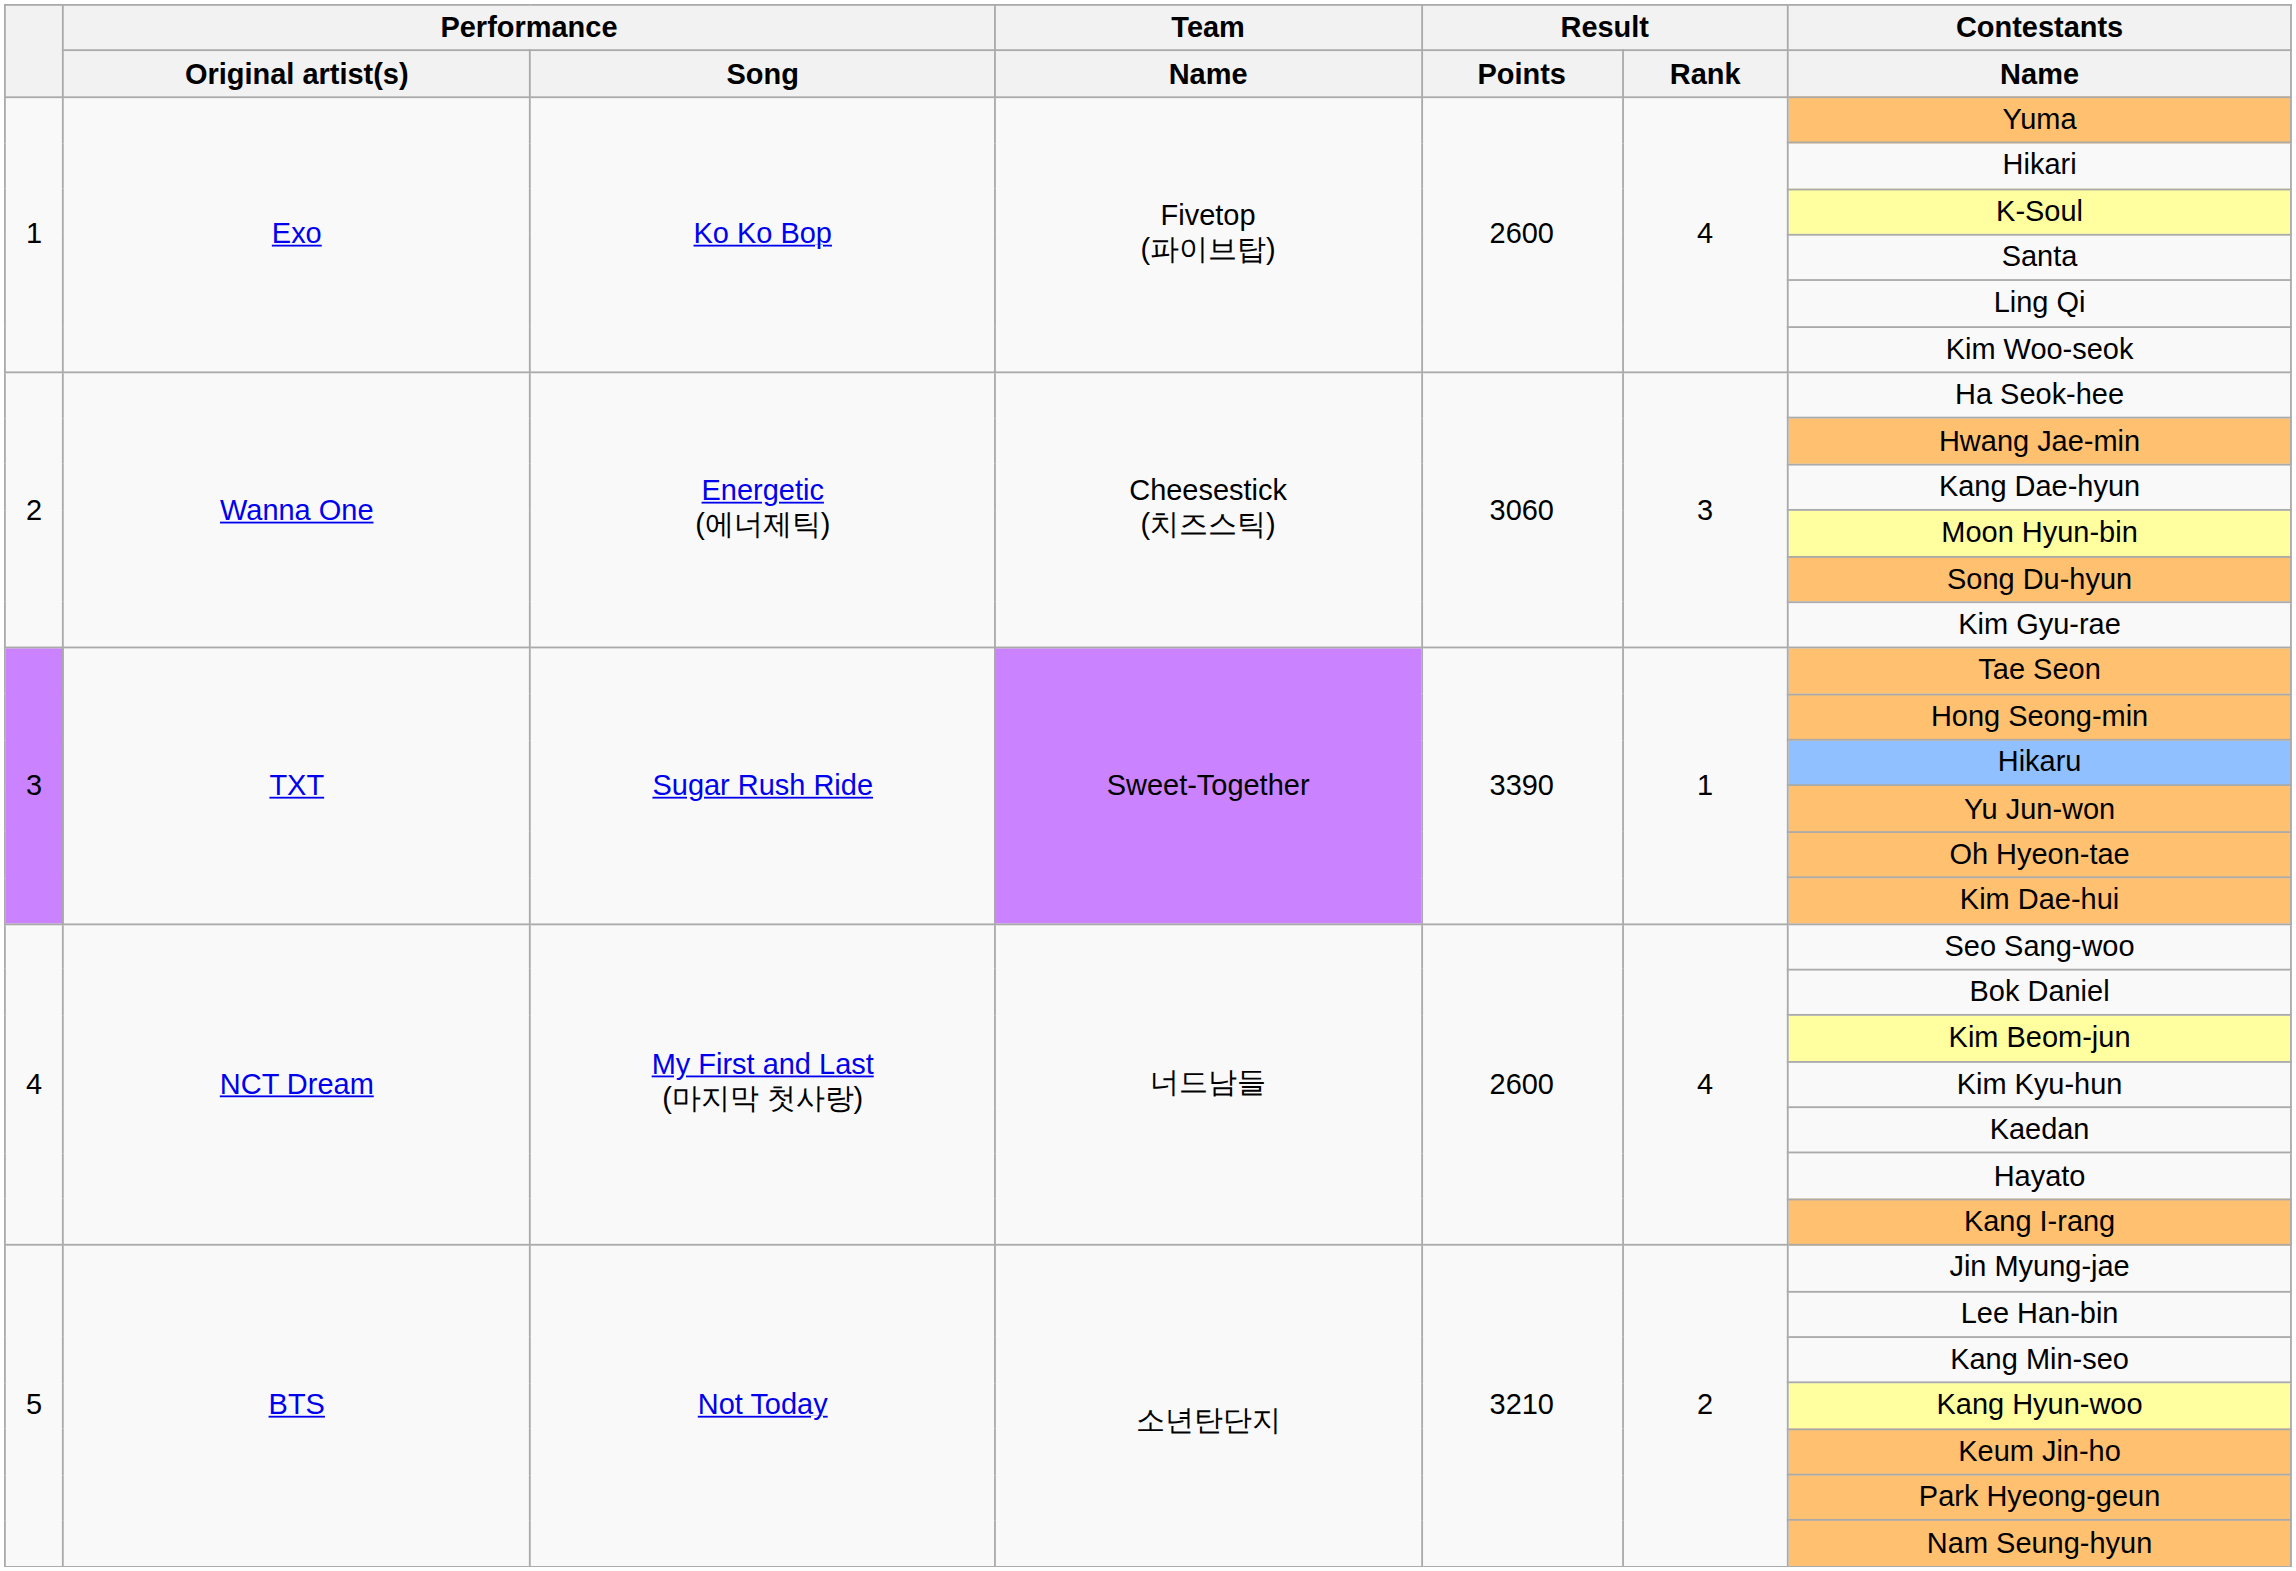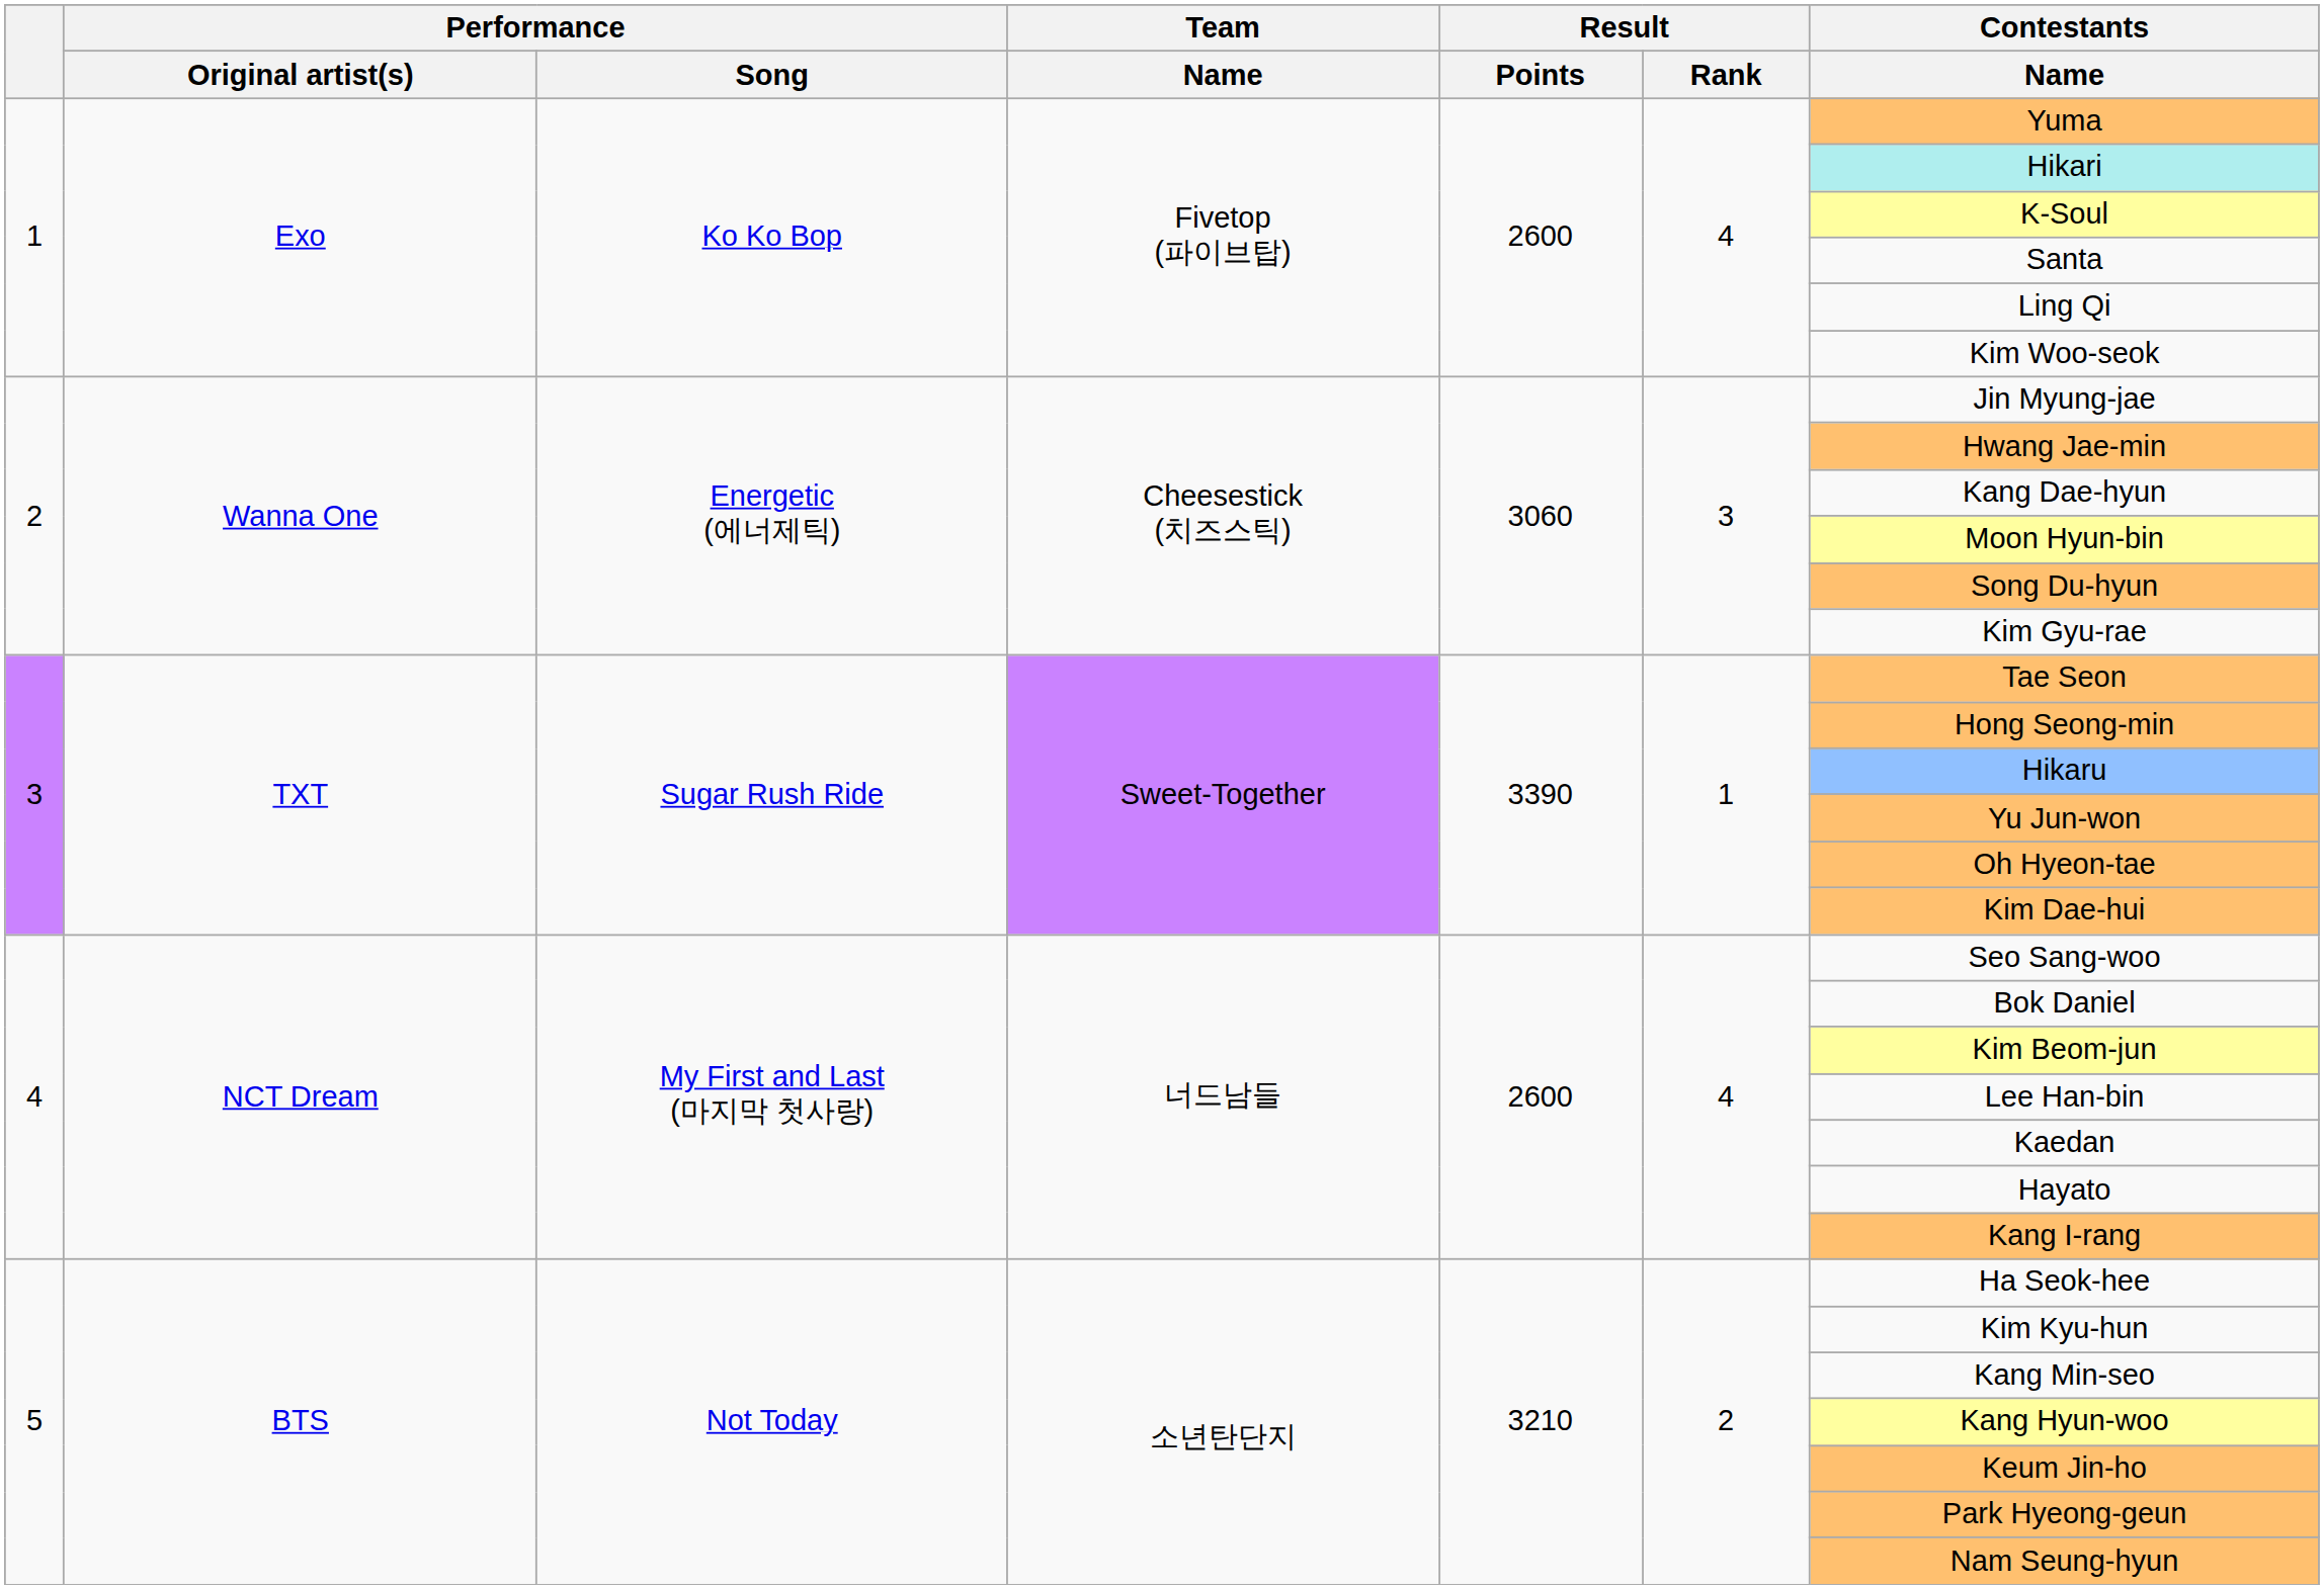 <table class="wikitable collapsible" style="width: 100%; text-align:center">
 <tr>
 <th rowspan="2"></th>
 <th colspan="2">Performance</th>
 <th>Team</th>
 <th colspan="2">Result</th>
 <th>Contestants</th>
 </tr>
 <tr>
 <th>Original artist(s)</th>
 <th>Song</th>
 <th>Name</th>
 <th>Points</th>
 <th>Rank</th>
 <th>Name</th>
 </tr>
 <tr>
 <td rowspan="6">1</td>
 <td rowspan="6"><a href='#'>Exo</a></td>
 <td rowspan="6"><a href='#'>Ko Ko Bop</a></td>
 <td rowspan="6">Fivetop<br>(파이브탑)</td>
 <td rowspan="6">2600</td>
 <td rowspan="6">4</td>
 <td style="background:#FFC06F">Yuma</td>
 </tr>
 <tr>
-<td>Hikari</td>
+<td style="background: paleturquoise;">Hikari</td>
 </tr>
 <tr>
 <td style="background:#FFFF9F">K-Soul</td>
 </tr>
 <tr>
 <td>Santa</td>
 </tr>
 <tr>
 <td>Ling Qi</td>
 </tr>
 <tr>
 <td>Kim Woo-seok</td>
 </tr>
 <tr>
 <td rowspan="6">2</td>
 <td rowspan="6"><a href='#'>Wanna One</a></td>
 <td rowspan="6"><a href='#'>Energetic</a><br>(에너제틱)</td>
 <td rowspan="6">Cheesestick<br>(치즈스틱)</td>
 <td rowspan="6">3060</td>
 <td rowspan="6">3</td>
-<td>Ha Seok-hee</td>
+<td>Jin Myung-jae</td>
 </tr>
 <tr>
 <td style="background:#FFC06F">Hwang Jae-min</td>
 </tr>
 <tr>
 <td>Kang Dae-hyun</td>
 </tr>
 <tr>
 <td style="background:#FFFF9F">Moon Hyun-bin</td>
 </tr>
 <tr>
 <td style="background:#FFC06F">Song Du-hyun</td>
 </tr>
 <tr>
 <td>Kim Gyu-rae</td>
 </tr>
 <tr>
 <td rowspan="6" style="background:#CA82FF">3</td>
 <td rowspan="6"><a href='#'>TXT</a></td>
 <td rowspan="6"><a href='#'>Sugar Rush Ride</a></td>
 <td rowspan="6" style="background:#CA82FF">Sweet-Together</td>
 <td rowspan="6">3390</td>
 <td rowspan="6">1</td>
 <td style="background:#FFC06F">Tae Seon</td>
 </tr>
 <tr>
 <td style="background:#FFC06F">Hong Seong-min</td>
 </tr>
 <tr>
 <td style="background:#90C0FF">Hikaru</td>
 </tr>
 <tr>
 <td style="background:#FFC06F">Yu Jun-won</td>
 </tr>
 <tr>
 <td style="background:#FFC06F">Oh Hyeon-tae</td>
 </tr>
 <tr>
 <td style="background:#FFC06F">Kim Dae-hui</td>
 </tr>
 <tr>
 <td rowspan="7">4</td>
 <td rowspan="7"><a href='#'>NCT Dream</a></td>
 <td rowspan="7"><a href='#'>My First and Last</a><br>(마지막 첫사랑)</td>
 <td rowspan="7">너드남들</td>
 <td rowspan="7">2600</td>
 <td rowspan="7">4</td>
 <td>Seo Sang-woo</td>
 </tr>
 <tr>
 <td>Bok Daniel</td>
 </tr>
 <tr>
 <td style="background:#FFFF9F">Kim Beom-jun</td>
 </tr>
 <tr>
-<td>Kim Kyu-hun</td>
+<td>Lee Han-bin</td>
 </tr>
 <tr>
 <td>Kaedan</td>
 </tr>
 <tr>
 <td>Hayato</td>
 </tr>
 <tr>
 <td style="background:#FFC06F">Kang I-rang</td>
 </tr>
 <tr>
 <td rowspan="7">5</td>
 <td rowspan="7"><a href='#'>BTS</a></td>
 <td rowspan="7"><a href='#'>Not Today</a></td>
 <td rowspan="7"><br>소년탄단지</td>
 <td rowspan="7">3210</td>
 <td rowspan="7">2</td>
-<td>Jin Myung-jae</td>
+<td>Ha Seok-hee</td>
 </tr>
 <tr>
-<td>Lee Han-bin</td>
+<td>Kim Kyu-hun</td>
 </tr>
 <tr>
 <td>Kang Min-seo</td>
 </tr>
 <tr>
 <td style="background:#FFFF9F">Kang Hyun-woo</td>
 </tr>
 <tr>
 <td style="background:#FFC06F">Keum Jin-ho</td>
 </tr>
 <tr>
 <td style="background:#FFC06F">Park Hyeong-geun</td>
 </tr>
 <tr>
 <td style="background:#FFC06F">Nam Seung-hyun</td>
 </tr>
 </table>
